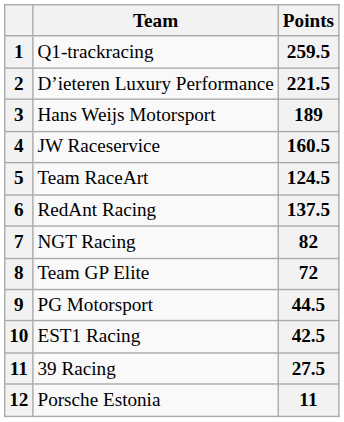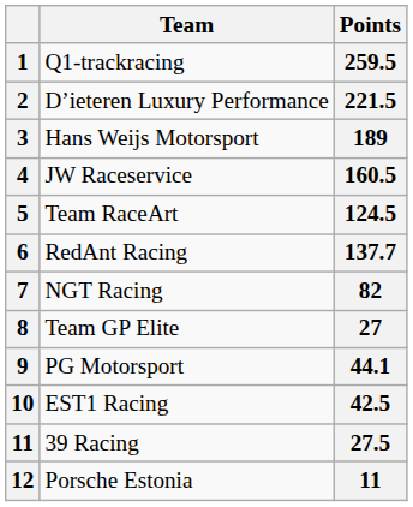 <table class="wikitable" style="font-size:85%;">
 <tr>
 <th></th>
 <th>Team</th>
 <th>Points</th>
 </tr>
 <tr>
 <th>1</th>
 <td> Q1-trackracing</td>
 <th>259.5</th>
 </tr>
 <tr>
 <th>2</th>
 <td nowrap=""> D’ieteren Luxury Performance</td>
 <th>221.5</th>
 </tr>
 <tr>
 <th>3</th>
 <td> Hans Weijs Motorsport</td>
 <th>189</th>
 </tr>
 <tr>
 <th>4</th>
 <td> JW Raceservice</td>
 <th>160.5</th>
 </tr>
 <tr>
 <th>5</th>
 <td> Team RaceArt</td>
 <th>124.5</th>
 </tr>
 <tr>
 <th>6</th>
 <td> RedAnt Racing</td>
-<th>137.5</th>
+<th>137.7</th>
 </tr>
 <tr>
 <th>7</th>
 <td nowrap=""> NGT Racing</td>
 <th>82</th>
 </tr>
 <tr>
 <th>8</th>
 <td> Team GP Elite</td>
-<th>72</th>
+<th>27</th>
 </tr>
 <tr>
 <th>9</th>
 <td> PG Motorsport</td>
-<th>44.5</th>
+<th>44.1</th>
 </tr>
 <tr>
 <th>10</th>
 <td> EST1 Racing</td>
 <th>42.5</th>
 </tr>
 <tr>
 <th>11</th>
 <td> 39 Racing</td>
 <th>27.5</th>
 </tr>
 <tr>
 <th>12</th>
 <td> Porsche Estonia</td>
 <th>11</th>
 </tr>
 </table>
